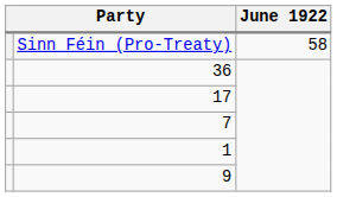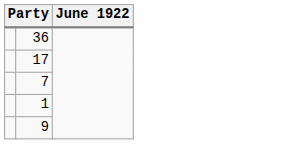 <table class="wikitable" style="font-size: 95%;">
 <tr style="background-color:#E9E9E9; border-bottom: 2px solid gray;">
 <th colspan=2>Party</th>
 <th>June 1922</th>
-</tr>
-<tr>
-<th style="background-color: "></th>
-<td><a href='#'>Sinn Féin (Pro-Treaty)</a></td>
-<td align="right">58</td>
 </tr>
 <tr>
 <td></td>
 <td align="right">36</td>
 </tr>
 <tr>
 <td></td>
 <td align="right">17</td>
 </tr>
 <tr>
 <td></td>
 <td align="right">7</td>
 </tr>
 <tr>
 <td></td>
 <td align="right">1</td>
 </tr>
 <tr>
 <td></td>
 <td align="right">9</td>
 </tr>
 </table>
